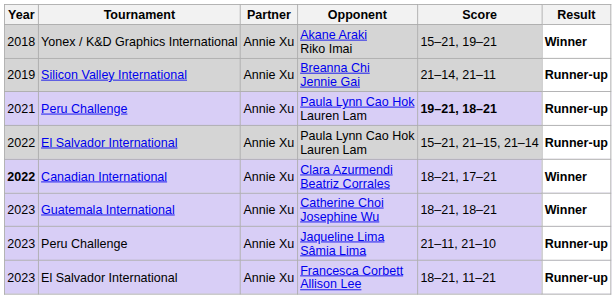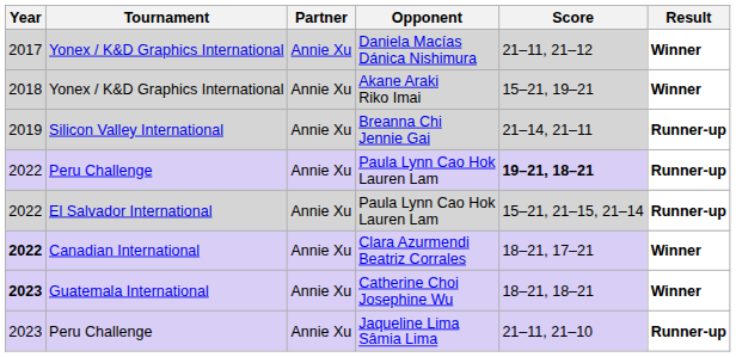 <table class="sortable wikitable" style="font-size: 90%;">
 <tr>
 <th>Year</th>
 <th>Tournament</th>
 <th>Partner</th>
 <th>Opponent</th>
 <th>Score</th>
 <th>Result</th>
+</tr>
+<tr style="background:#D5D5D5">
+<td align="center">2017</td>
+<td align="left"><a href='#'>Yonex / K&D Graphics International</a></td>
+<td align="left"> <a href='#'>Annie Xu</a></td>
+<td align="left"> <a href='#'>Daniela Macías</a><br> <a href='#'>Dánica Nishimura</a></td>
+<td align="left">21–11, 21–12</td>
+<td style="text-align:left; background:white"> <strong>Winner</strong></td>
 </tr>
 <tr style="background:#D5D5D5">
 <td align="center">2018</td>
 <td align="left">Yonex / K&D Graphics International</td>
 <td align="left"> Annie Xu</td>
 <td align="left"> <a href='#'>Akane Araki</a><br> Riko Imai</td>
 <td align="left">15–21, 19–21</td>
 <td style="text-align:left; background:white"> <strong>Winner</strong></td>
 </tr>
 <tr style="background:#D5D5D5">
 <td align="center">2019</td>
 <td align="left"><a href='#'>Silicon Valley International</a></td>
 <td align="left"> Annie Xu</td>
 <td align="left"> <a href='#'>Breanna Chi</a><br> <a href='#'>Jennie Gai</a></td>
 <td align="left">21–14, 21–11</td>
 <td style="text-align:left; background:white"> <strong>Runner-up</strong></td>
 </tr>
 <tr style="background:#D8CEF6">
-<td align="center">2021</td>
+<td align="center">2022</td>
 <td align="left"><a href='#'>Peru Challenge</a></td>
 <td align="left"> Annie Xu</td>
 <td align="left"> <a href='#'>Paula Lynn Cao Hok</a><br> Lauren Lam</td>
 <td align="left"><strong>19–21, 18–21</strong></td>
 <td style="text-align:left; background:white"> <strong>Runner-up</strong></td>
 </tr>
 <tr style="background:#D5D5D5">
 <td align="center">2022</td>
 <td align="left"><a href='#'>El Salvador International</a></td>
 <td align="left"> Annie Xu</td>
 <td align="left"> Paula Lynn Cao Hok<br> Lauren Lam</td>
 <td align="left">15–21, 21–15, 21–14</td>
 <td style="text-align:left; background:white"> <strong>Runner-up</strong></td>
 </tr>
 <tr style="background:#D8CEF6">
 <td align="center"><strong>2022</strong></td>
 <td align="left"><a href='#'>Canadian International</a></td>
 <td align="left"> Annie Xu</td>
 <td align="left"> <a href='#'>Clara Azurmendi</a><br> <a href='#'>Beatriz Corrales</a></td>
 <td align="left">18–21, 17–21</td>
 <td style="text-align:left; background:white"> <strong>Winner</strong></td>
 </tr>
 <tr style="background:#D8CEF6">
-<td align="center">2023</td>
+<td align="center"><strong>2023</strong></td>
 <td align="left"><a href='#'>Guatemala International</a></td>
 <td align="left"> Annie Xu</td>
 <td align="left"> <a href='#'>Catherine Choi</a><br> <a href='#'>Josephine Wu</a></td>
 <td align="left">18–21, 18–21</td>
 <td style="text-align:left; background:white"> <strong>Winner</strong></td>
 </tr>
 <tr style="background:#D8CEF6">
 <td align="center">2023</td>
 <td align="left">Peru Challenge</td>
 <td align="left"> Annie Xu</td>
 <td align="left"> <a href='#'>Jaqueline Lima</a><br> <a href='#'>Sâmia Lima</a></td>
 <td align="left">21–11, 21–10</td>
 <td style="text-align:left; background:white"> <strong>Runner-up</strong></td>
 </tr>
-<tr style="background:#D8CEF6">
-<td align="center">2023</td>
-<td align="left">El Salvador International</td>
-<td align="left"> Annie Xu</td>
-<td align="left"> <a href='#'>Francesca Corbett</a><br> <a href='#'>Allison Lee</a></td>
-<td align="left">18–21, 11–21</td>
-<td style="text-align:left; background:white"> <strong>Runner-up</strong></td>
-</tr>
 </table>
